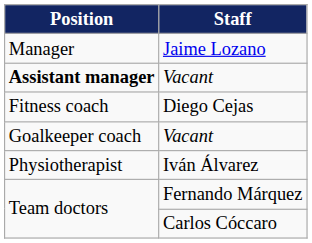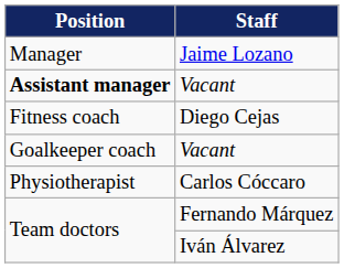 <table class="wikitable">
 <tr>
 <th style=background-color:#122562;color:#ffffff>Position</th>
 <th style=background-color:#122562;color:#ffffff>Staff</th>
 </tr>
 <tr>
 <td>Manager</td>
 <td> <a href='#'>Jaime Lozano</a></td>
 </tr>
 <tr>
 <td><strong>Assistant manager</strong></td>
 <td><em>Vacant</em></td>
 </tr>
 <tr>
 <td>Fitness coach</td>
 <td> Diego Cejas</td>
 </tr>
 <tr>
 <td>Goalkeeper coach</td>
 <td><em>Vacant</em></td>
 </tr>
 <tr>
 <td>Physiotherapist</td>
-<td> Iván Álvarez</td>
+<td> Carlos Cóccaro</td>
 </tr>
 <tr>
 <td rowspan=2>Team doctors</td>
 <td> Fernando Márquez</td>
 </tr>
 <tr>
-<td> Carlos Cóccaro</td>
+<td> Iván Álvarez</td>
 </tr>
 </table>
